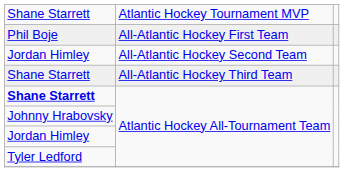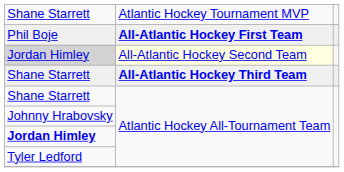 <table class="wikitable">
 <tr>
 <td><a href='#'>Shane Starrett</a></td>
 <td><a href='#'>Atlantic Hockey Tournament MVP</a></td>
 <td></td>
 </tr>
 <tr bgcolor=f0f0f0>
 <td><a href='#'>Phil Boje</a></td>
-<td><a href='#'>All-Atlantic Hockey First Team</a></td>
+<td><strong><a href='#'>All-Atlantic Hockey First Team</a></strong></td>
 <td></td>
 </tr>
 <tr>
-<td><a href='#'>Jordan Himley</a></td>
-<td><a href='#'>All-Atlantic Hockey Second Team</a></td>
+<td style="background: lightgrey;"><a href='#'>Jordan Himley</a></td>
+<td style="background: lightyellow;"><a href='#'>All-Atlantic Hockey Second Team</a></td>
 <td></td>
 </tr>
 <tr bgcolor=f0f0f0>
 <td><a href='#'>Shane Starrett</a></td>
-<td><a href='#'>All-Atlantic Hockey Third Team</a></td>
+<td><strong><a href='#'>All-Atlantic Hockey Third Team</a></strong></td>
 <td></td>
 </tr>
 <tr>
-<td><strong><a href='#'>Shane Starrett</a></strong></td>
+<td><a href='#'>Shane Starrett</a></td>
 <td rowspan=4><a href='#'>Atlantic Hockey All-Tournament Team</a></td>
 <td rowspan=4></td>
 </tr>
 <tr>
 <td><a href='#'>Johnny Hrabovsky</a></td>
 </tr>
 <tr>
-<td><a href='#'>Jordan Himley</a></td>
+<td><strong><a href='#'>Jordan Himley</a></strong></td>
 </tr>
 <tr>
 <td><a href='#'>Tyler Ledford</a></td>
 </tr>
 <tr>
 </tr>
 </table>
